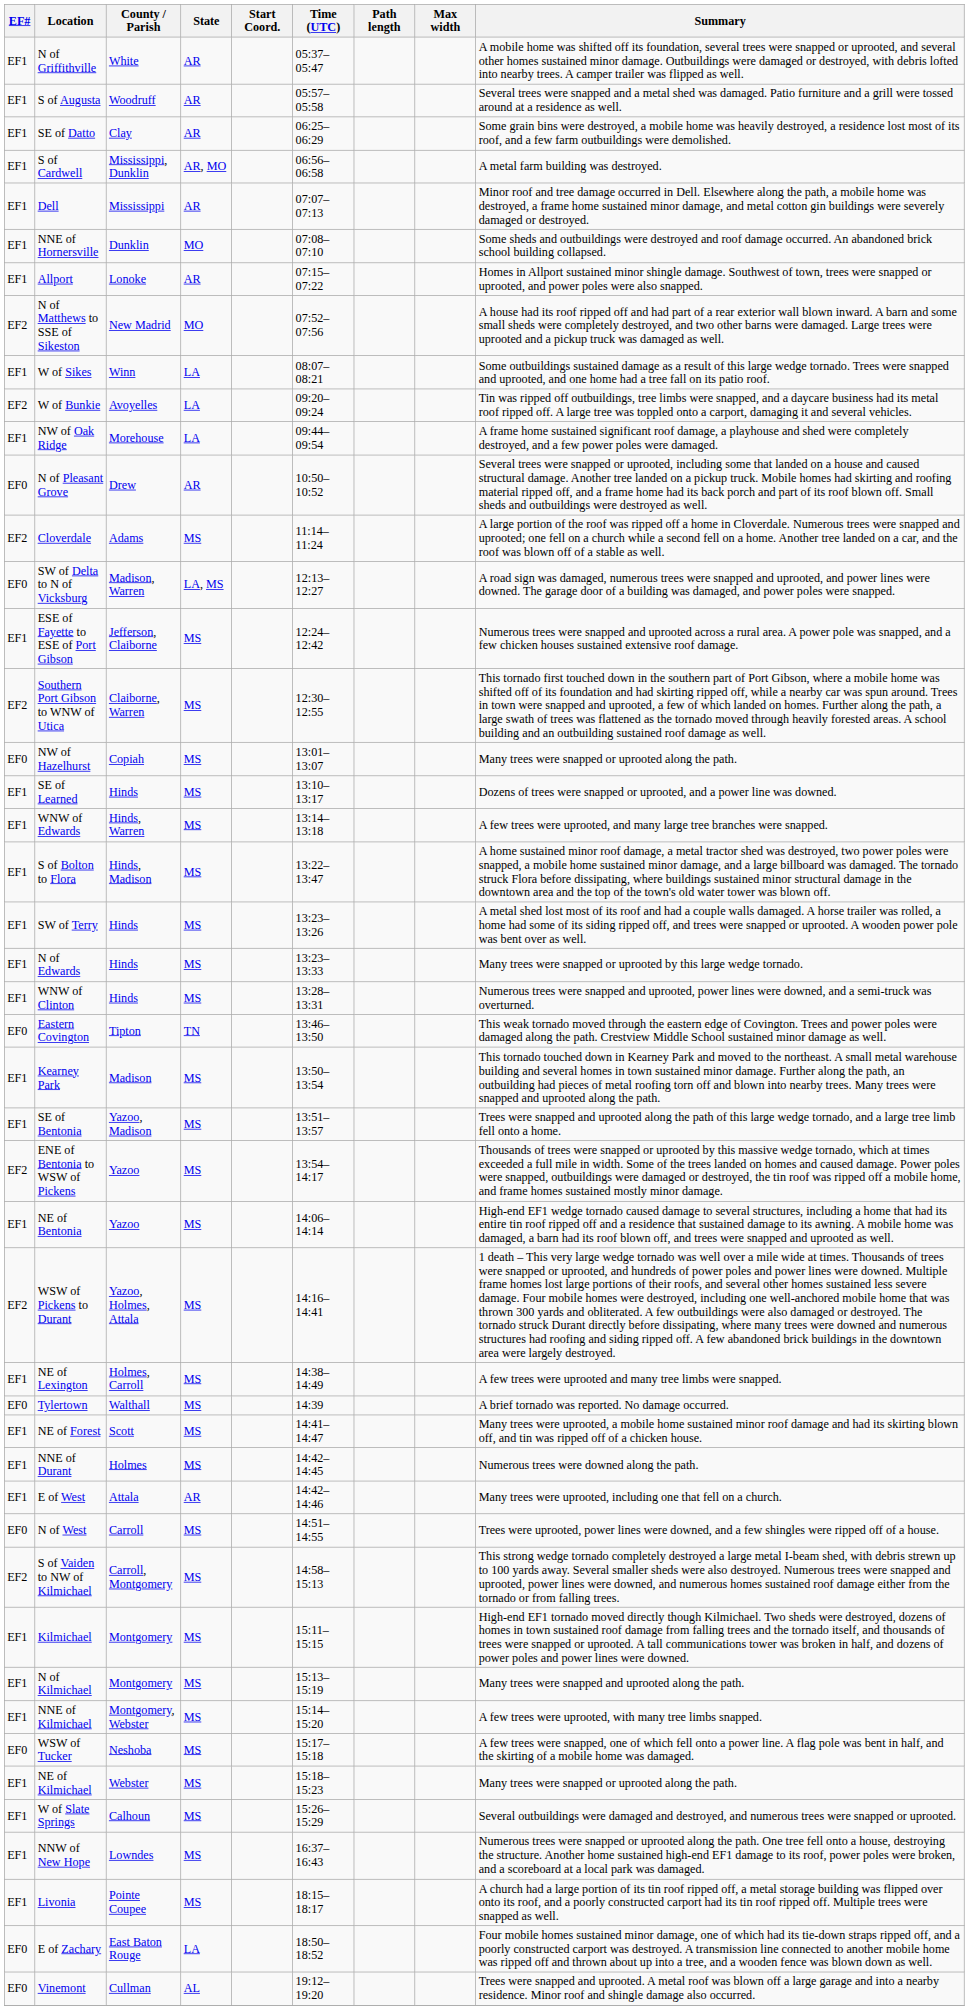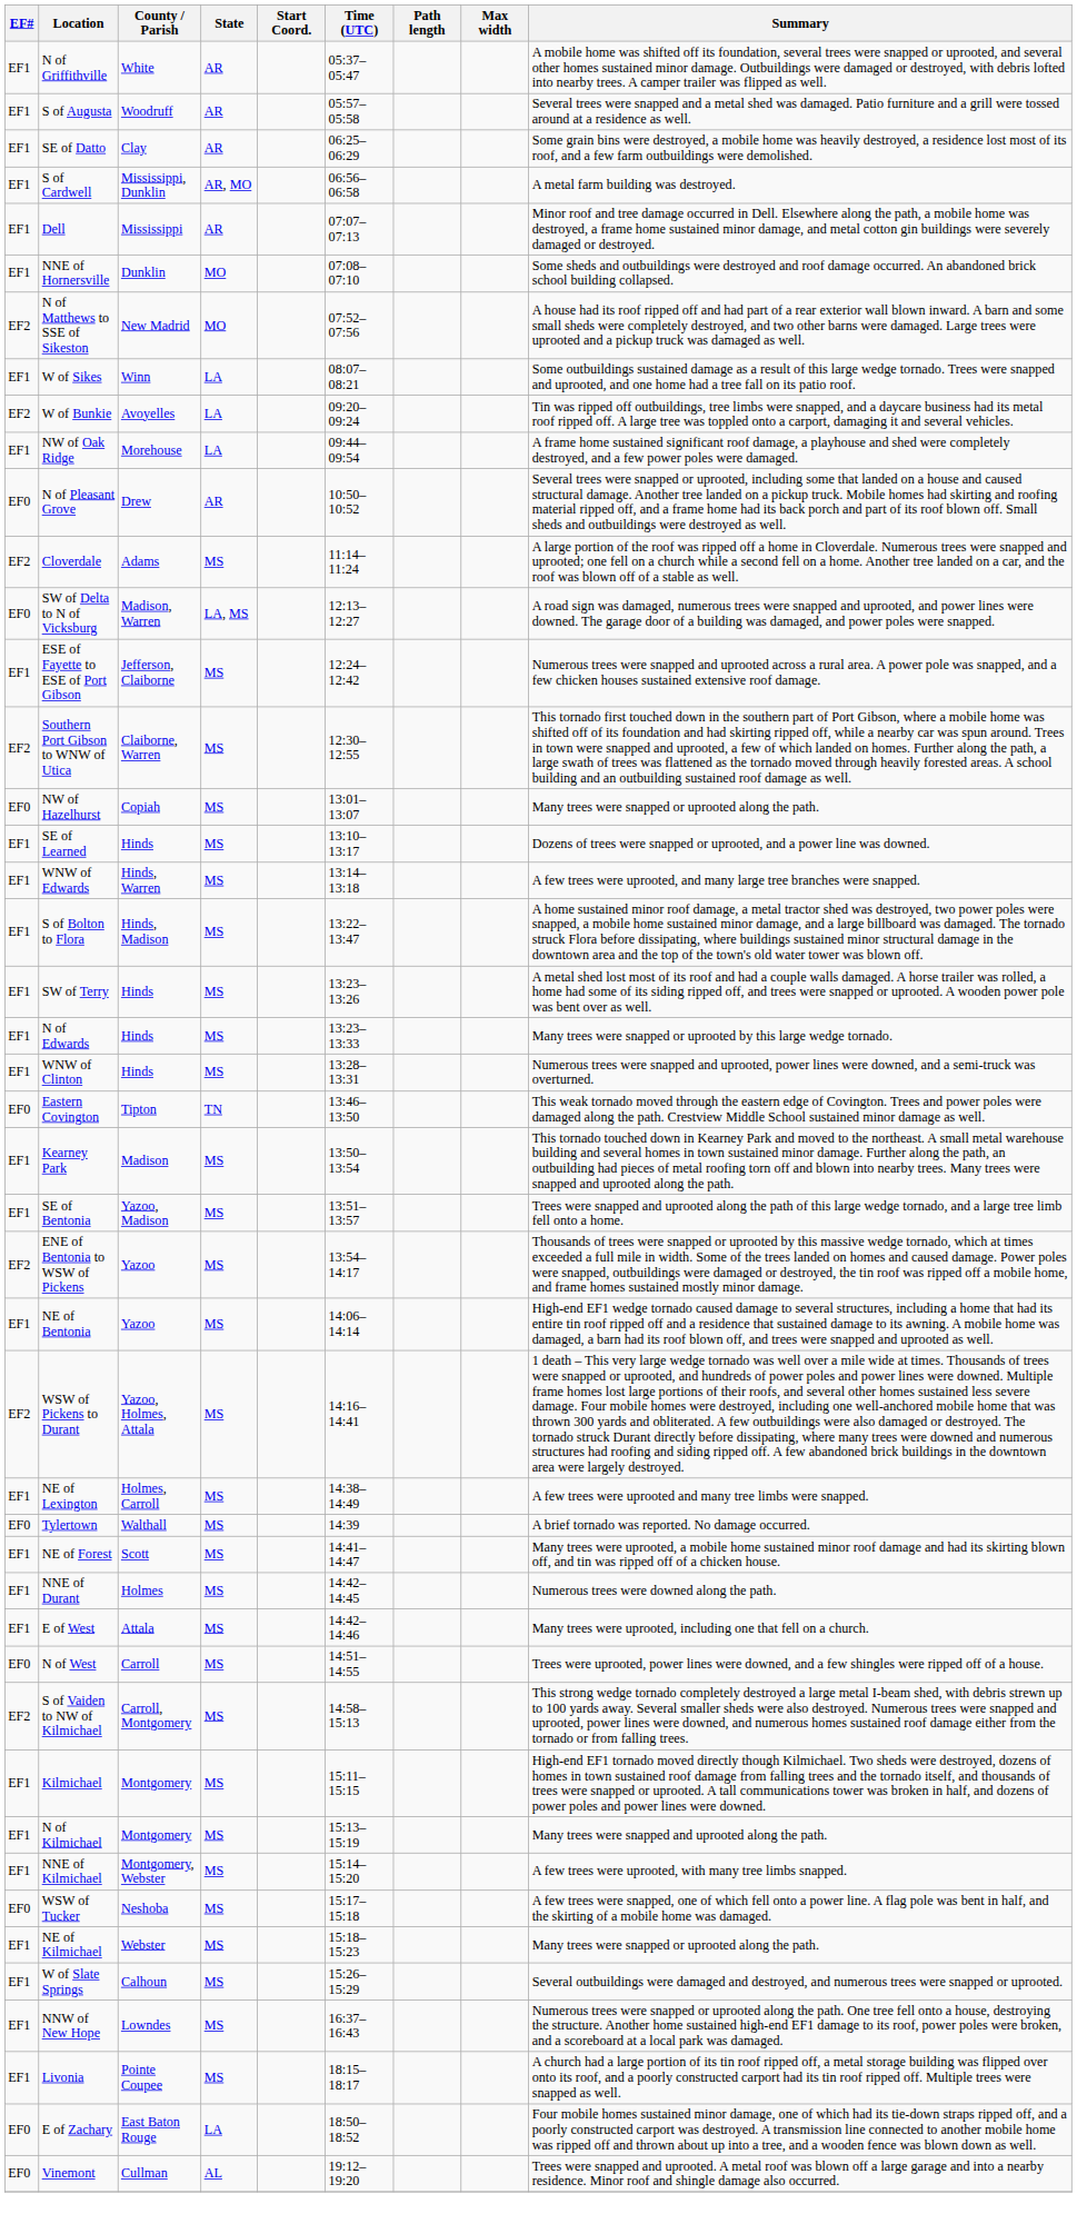 <table class="wikitable sortable" style="width:100%;">
 <tr>
 <th scope="col"  style="width:3%; text-align:center;"><a href='#'>EF#</a></th>
 <th scope="col"  style="width:7%; text-align:center;" class="unsortable">Location</th>
 <th scope="col"  style="width:6%; text-align:center;" class="unsortable">County / Parish</th>
 <th scope="col"  style="width:5%; text-align:center;">State</th>
 <th scope="col"  style="width:6%; text-align:center;">Start Coord.</th>
 <th scope="col"  style="width:6%; text-align:center;">Time (<a href='#'>UTC</a>)</th>
 <th scope="col"  style="width:6%; text-align:center;">Path length</th>
 <th scope="col"  style="width:6%; text-align:center;">Max width</th>
 <th scope="col" class="unsortable" style="width:48%; text-align:center;">Summary</th>
 </tr>
 <tr>
 <td>EF1</td>
 <td>N of <a href='#'>Griffithville</a></td>
 <td><a href='#'>White</a></td>
 <td><a href='#'>AR</a></td>
 <td></td>
 <td>05:37–05:47</td>
 <td></td>
 <td></td>
 <td>A mobile home was shifted off its foundation, several trees were snapped or uprooted, and several other homes sustained minor damage. Outbuildings were damaged or destroyed, with debris lofted into nearby trees. A camper trailer was flipped as well.</td>
 </tr>
 <tr>
 <td>EF1</td>
 <td>S of <a href='#'>Augusta</a></td>
 <td><a href='#'>Woodruff</a></td>
 <td><a href='#'>AR</a></td>
 <td></td>
 <td>05:57–05:58</td>
 <td></td>
 <td></td>
 <td>Several trees were snapped and a metal shed was damaged. Patio furniture and a grill were tossed around at a residence as well.</td>
 </tr>
 <tr>
 <td>EF1</td>
 <td>SE of <a href='#'>Datto</a></td>
 <td><a href='#'>Clay</a></td>
 <td><a href='#'>AR</a></td>
 <td></td>
 <td>06:25–06:29</td>
 <td></td>
 <td></td>
 <td>Some grain bins were destroyed, a mobile home was heavily destroyed, a residence lost most of its roof, and a few farm outbuildings were demolished.</td>
 </tr>
 <tr>
 <td>EF1</td>
 <td>S of <a href='#'>Cardwell</a></td>
 <td><a href='#'>Mississippi</a>, <a href='#'>Dunklin</a></td>
 <td><a href='#'>AR</a>, <a href='#'>MO</a></td>
 <td></td>
 <td>06:56–06:58</td>
 <td></td>
 <td></td>
 <td>A metal farm building was destroyed.</td>
 </tr>
 <tr>
 <td>EF1</td>
 <td><a href='#'>Dell</a></td>
 <td><a href='#'>Mississippi</a></td>
 <td><a href='#'>AR</a></td>
 <td></td>
 <td>07:07–07:13</td>
 <td></td>
 <td></td>
 <td>Minor roof and tree damage occurred in Dell. Elsewhere along the path, a mobile home was destroyed, a frame home sustained minor damage, and metal cotton gin buildings were severely damaged or destroyed.</td>
 </tr>
 <tr>
 <td>EF1</td>
 <td>NNE of <a href='#'>Hornersville</a></td>
 <td><a href='#'>Dunklin</a></td>
 <td><a href='#'>MO</a></td>
 <td></td>
 <td>07:08–07:10</td>
 <td></td>
 <td></td>
 <td>Some sheds and outbuildings were destroyed and roof damage occurred. An abandoned brick school building collapsed.</td>
-</tr>
-<tr>
-<td>EF1</td>
-<td><a href='#'>Allport</a></td>
-<td><a href='#'>Lonoke</a></td>
-<td><a href='#'>AR</a></td>
-<td></td>
-<td>07:15–07:22</td>
-<td></td>
-<td></td>
-<td>Homes in Allport sustained minor shingle damage. Southwest of town, trees were snapped or uprooted, and power poles were also snapped.</td>
 </tr>
 <tr>
 <td>EF2</td>
 <td>N of <a href='#'>Matthews</a> to SSE of <a href='#'>Sikeston</a></td>
 <td><a href='#'>New Madrid</a></td>
 <td><a href='#'>MO</a></td>
 <td></td>
 <td>07:52–07:56</td>
 <td></td>
 <td></td>
 <td>A house had its roof ripped off and had part of a rear exterior wall blown inward. A barn and some small sheds were completely destroyed, and two other barns were damaged. Large trees were uprooted and a pickup truck was damaged as well.</td>
 </tr>
 <tr>
 <td>EF1</td>
 <td>W of <a href='#'>Sikes</a></td>
 <td><a href='#'>Winn</a></td>
 <td><a href='#'>LA</a></td>
 <td></td>
 <td>08:07–08:21</td>
 <td></td>
 <td></td>
 <td>Some outbuildings sustained damage as a result of this large wedge tornado. Trees were snapped and uprooted, and one home had a tree fall on its patio roof.</td>
 </tr>
 <tr>
 <td>EF2</td>
 <td>W of <a href='#'>Bunkie</a></td>
 <td><a href='#'>Avoyelles</a></td>
 <td><a href='#'>LA</a></td>
 <td></td>
 <td>09:20–09:24</td>
 <td></td>
 <td></td>
 <td>Tin was ripped off outbuildings, tree limbs were snapped, and a daycare business had its metal roof ripped off. A large tree was toppled onto a carport, damaging it and several vehicles.</td>
 </tr>
 <tr>
 <td>EF1</td>
 <td>NW of <a href='#'>Oak Ridge</a></td>
 <td><a href='#'>Morehouse</a></td>
 <td><a href='#'>LA</a></td>
 <td></td>
 <td>09:44–09:54</td>
 <td></td>
 <td></td>
 <td>A frame home sustained significant roof damage, a playhouse and shed were completely destroyed, and a few power poles were damaged.</td>
 </tr>
 <tr>
 <td>EF0</td>
 <td>N of <a href='#'>Pleasant Grove</a></td>
 <td><a href='#'>Drew</a></td>
 <td><a href='#'>AR</a></td>
 <td></td>
 <td>10:50–10:52</td>
 <td></td>
 <td></td>
 <td>Several trees were snapped or uprooted, including some that landed on a house and caused structural damage. Another tree landed on a pickup truck. Mobile homes had skirting and roofing material ripped off, and a frame home had its back porch and part of its roof blown off. Small sheds and outbuildings were destroyed as well.</td>
 </tr>
 <tr>
 <td>EF2</td>
 <td><a href='#'>Cloverdale</a></td>
 <td><a href='#'>Adams</a></td>
 <td><a href='#'>MS</a></td>
 <td></td>
 <td>11:14–11:24</td>
 <td></td>
 <td></td>
 <td>A large portion of the roof was ripped off a home in Cloverdale. Numerous trees were snapped and uprooted; one fell on a church while a second fell on a home. Another tree landed on a car, and the roof was blown off of a stable as well.</td>
 </tr>
 <tr>
 <td>EF0</td>
 <td>SW of <a href='#'>Delta</a> to N of <a href='#'>Vicksburg</a></td>
 <td><a href='#'>Madison</a>, <a href='#'>Warren</a></td>
 <td><a href='#'>LA</a>, <a href='#'>MS</a></td>
 <td></td>
 <td>12:13–12:27</td>
 <td></td>
 <td></td>
 <td>A road sign was damaged, numerous trees were snapped and uprooted, and power lines were downed. The garage door of a building was damaged, and power poles were snapped.</td>
 </tr>
 <tr>
 <td>EF1</td>
 <td>ESE of <a href='#'>Fayette</a> to ESE of <a href='#'>Port Gibson</a></td>
 <td><a href='#'>Jefferson</a>, <a href='#'>Claiborne</a></td>
 <td><a href='#'>MS</a></td>
 <td></td>
 <td>12:24–12:42</td>
 <td></td>
 <td></td>
 <td>Numerous trees were snapped and uprooted across a rural area. A power pole was snapped, and a few chicken houses sustained extensive roof damage.</td>
 </tr>
 <tr>
 <td>EF2</td>
 <td><a href='#'>Southern Port Gibson</a> to WNW of <a href='#'>Utica</a></td>
 <td><a href='#'>Claiborne</a>, <a href='#'>Warren</a></td>
 <td><a href='#'>MS</a></td>
 <td></td>
 <td>12:30–12:55</td>
 <td></td>
 <td></td>
 <td>This tornado first touched down in the southern part of Port Gibson, where a mobile home was shifted off of its foundation and had skirting ripped off, while a nearby car was spun around. Trees in town were snapped and uprooted, a few of which landed on homes. Further along the path, a large swath of trees was flattened as the tornado moved through heavily forested areas. A school building and an outbuilding sustained roof damage as well.</td>
 </tr>
 <tr>
 <td>EF0</td>
 <td>NW of <a href='#'>Hazelhurst</a></td>
 <td><a href='#'>Copiah</a></td>
 <td><a href='#'>MS</a></td>
 <td></td>
 <td>13:01–13:07</td>
 <td></td>
 <td></td>
 <td>Many trees were snapped or uprooted along the path.</td>
 </tr>
 <tr>
 <td>EF1</td>
 <td>SE of <a href='#'>Learned</a></td>
 <td><a href='#'>Hinds</a></td>
 <td><a href='#'>MS</a></td>
 <td></td>
 <td>13:10–13:17</td>
 <td></td>
 <td></td>
 <td>Dozens of trees were snapped or uprooted, and a power line was downed.</td>
 </tr>
 <tr>
 <td>EF1</td>
 <td>WNW of <a href='#'>Edwards</a></td>
 <td><a href='#'>Hinds</a>, <a href='#'>Warren</a></td>
 <td><a href='#'>MS</a></td>
 <td></td>
 <td>13:14–13:18</td>
 <td></td>
 <td></td>
 <td>A few trees were uprooted, and many large tree branches were snapped.</td>
 </tr>
 <tr>
 <td>EF1</td>
 <td>S of <a href='#'>Bolton</a> to  <a href='#'>Flora</a></td>
 <td><a href='#'>Hinds</a>, <a href='#'>Madison</a></td>
 <td><a href='#'>MS</a></td>
 <td></td>
 <td>13:22–13:47</td>
 <td></td>
 <td></td>
 <td>A home sustained minor roof damage, a metal tractor shed was destroyed, two power poles were snapped, a mobile home sustained minor damage, and a large billboard was damaged. The tornado struck Flora before dissipating, where buildings sustained minor structural damage in the downtown area and the top of the town's old water tower was blown off.</td>
 </tr>
 <tr>
 <td>EF1</td>
 <td>SW of <a href='#'>Terry</a></td>
 <td><a href='#'>Hinds</a></td>
 <td><a href='#'>MS</a></td>
 <td></td>
 <td>13:23–13:26</td>
 <td></td>
 <td></td>
 <td>A metal shed lost most of its roof and had a couple walls damaged. A horse trailer was rolled, a home had some of its siding ripped off, and trees were snapped or uprooted. A wooden power pole was bent over as well.</td>
 </tr>
 <tr>
 <td>EF1</td>
 <td>N of <a href='#'>Edwards</a></td>
 <td><a href='#'>Hinds</a></td>
 <td><a href='#'>MS</a></td>
 <td></td>
 <td>13:23–13:33</td>
 <td></td>
 <td></td>
 <td>Many trees were snapped or uprooted by this large wedge tornado.</td>
 </tr>
 <tr>
 <td>EF1</td>
 <td>WNW of <a href='#'>Clinton</a></td>
 <td><a href='#'>Hinds</a></td>
 <td><a href='#'>MS</a></td>
 <td></td>
 <td>13:28–13:31</td>
 <td></td>
 <td></td>
 <td>Numerous trees were snapped and uprooted, power lines were downed, and a semi-truck was overturned.</td>
 </tr>
 <tr>
 <td>EF0</td>
 <td><a href='#'>Eastern Covington</a></td>
 <td><a href='#'>Tipton</a></td>
 <td><a href='#'>TN</a></td>
 <td></td>
 <td>13:46–13:50</td>
 <td></td>
 <td></td>
 <td>This weak tornado moved through the eastern edge of Covington. Trees and power poles were damaged along the path. Crestview Middle School sustained minor damage as well.</td>
 </tr>
 <tr>
 <td>EF1</td>
 <td><a href='#'>Kearney Park</a></td>
 <td><a href='#'>Madison</a></td>
 <td><a href='#'>MS</a></td>
 <td></td>
 <td>13:50–13:54</td>
 <td></td>
 <td></td>
 <td>This tornado touched down in Kearney Park and moved to the northeast. A small metal warehouse building and several homes in town sustained minor damage. Further along the path, an outbuilding had pieces of metal roofing torn off and blown into nearby trees. Many trees were snapped and uprooted along the path.</td>
 </tr>
 <tr>
 <td>EF1</td>
 <td>SE of <a href='#'>Bentonia</a></td>
 <td><a href='#'>Yazoo</a>, <a href='#'>Madison</a></td>
 <td><a href='#'>MS</a></td>
 <td></td>
 <td>13:51–13:57</td>
 <td></td>
 <td></td>
 <td>Trees were snapped and uprooted along the path of this large wedge tornado, and a large tree limb fell onto a home.</td>
 </tr>
 <tr>
 <td>EF2</td>
 <td>ENE of <a href='#'>Bentonia</a> to WSW of <a href='#'>Pickens</a></td>
 <td><a href='#'>Yazoo</a></td>
 <td><a href='#'>MS</a></td>
 <td></td>
 <td>13:54–14:17</td>
 <td></td>
 <td></td>
 <td>Thousands of trees were snapped or uprooted by this massive wedge tornado, which at times exceeded a full mile in width. Some of the trees landed on homes and caused damage. Power poles were snapped, outbuildings were damaged or destroyed, the tin roof was ripped off a mobile home, and frame homes sustained mostly minor damage.</td>
 </tr>
 <tr>
 <td>EF1</td>
 <td>NE of <a href='#'>Bentonia</a></td>
 <td><a href='#'>Yazoo</a></td>
 <td><a href='#'>MS</a></td>
 <td></td>
 <td>14:06–14:14</td>
 <td></td>
 <td></td>
 <td>High-end EF1 wedge tornado caused damage to several structures, including a home that had its entire tin roof ripped off and a residence that sustained damage to its awning. A mobile home was damaged, a barn had its roof blown off, and trees were snapped and uprooted as well.</td>
 </tr>
 <tr>
 <td>EF2</td>
 <td>WSW of <a href='#'>Pickens</a> to <a href='#'>Durant</a></td>
 <td><a href='#'>Yazoo</a>, <a href='#'>Holmes</a>, <a href='#'>Attala</a></td>
 <td><a href='#'>MS</a></td>
 <td></td>
 <td>14:16–14:41</td>
 <td></td>
 <td></td>
 <td>1 death – This very large wedge tornado was well over a mile wide at times. Thousands of trees were snapped or uprooted, and hundreds of power poles and power lines were downed. Multiple frame homes lost large portions of their roofs, and several other homes sustained less severe damage. Four mobile homes were destroyed, including one well-anchored mobile home that was thrown 300 yards and obliterated. A few outbuildings were also damaged or destroyed. The tornado struck Durant directly before dissipating, where many trees were downed and numerous structures had roofing and siding ripped off. A few abandoned brick buildings in the downtown area were largely destroyed.</td>
 </tr>
 <tr>
 <td>EF1</td>
 <td>NE of <a href='#'>Lexington</a></td>
 <td><a href='#'>Holmes</a>, <a href='#'>Carroll</a></td>
 <td><a href='#'>MS</a></td>
 <td></td>
 <td>14:38–14:49</td>
 <td></td>
 <td></td>
 <td>A few trees were uprooted and many tree limbs were snapped.</td>
 </tr>
 <tr>
 <td>EF0</td>
 <td><a href='#'>Tylertown</a></td>
 <td><a href='#'>Walthall</a></td>
 <td><a href='#'>MS</a></td>
 <td></td>
 <td>14:39</td>
 <td></td>
 <td></td>
 <td>A brief tornado was reported. No damage occurred.</td>
 </tr>
 <tr>
 <td>EF1</td>
 <td>NE of <a href='#'>Forest</a></td>
 <td><a href='#'>Scott</a></td>
 <td><a href='#'>MS</a></td>
 <td></td>
 <td>14:41–14:47</td>
 <td></td>
 <td></td>
 <td>Many trees were uprooted, a mobile home sustained minor roof damage and had its skirting blown off, and tin was ripped off of a chicken house.</td>
 </tr>
 <tr>
 <td>EF1</td>
 <td>NNE of <a href='#'>Durant</a></td>
 <td><a href='#'>Holmes</a></td>
 <td><a href='#'>MS</a></td>
 <td></td>
 <td>14:42–14:45</td>
 <td></td>
 <td></td>
 <td>Numerous trees were downed along the path.</td>
 </tr>
 <tr>
 <td>EF1</td>
 <td>E of <a href='#'>West</a></td>
 <td><a href='#'>Attala</a></td>
-<td><a href='#'>AR</a></td>
+<td><a href='#'>MS</a></td>
 <td></td>
 <td>14:42–14:46</td>
 <td></td>
 <td></td>
 <td>Many trees were uprooted, including one that fell on a church.</td>
 </tr>
 <tr>
 <td>EF0</td>
 <td>N of <a href='#'>West</a></td>
 <td><a href='#'>Carroll</a></td>
 <td><a href='#'>MS</a></td>
 <td></td>
 <td>14:51–14:55</td>
 <td></td>
 <td></td>
 <td>Trees were uprooted, power lines were downed, and a few shingles were ripped off of a house.</td>
 </tr>
 <tr>
 <td>EF2</td>
 <td>S of <a href='#'>Vaiden</a> to NW of <a href='#'>Kilmichael</a></td>
 <td><a href='#'>Carroll</a>, <a href='#'>Montgomery</a></td>
 <td><a href='#'>MS</a></td>
 <td></td>
 <td>14:58–15:13</td>
 <td></td>
 <td></td>
 <td>This strong wedge tornado completely destroyed a large metal I-beam shed, with debris strewn up to 100 yards away. Several smaller sheds were also destroyed. Numerous trees were snapped and uprooted, power lines were downed, and numerous homes sustained roof damage either from the tornado or from falling trees.</td>
 </tr>
 <tr>
 <td>EF1</td>
 <td><a href='#'>Kilmichael</a></td>
 <td><a href='#'>Montgomery</a></td>
 <td><a href='#'>MS</a></td>
 <td></td>
 <td>15:11–15:15</td>
 <td></td>
 <td></td>
 <td>High-end EF1 tornado moved directly though Kilmichael. Two sheds were destroyed, dozens of homes in town sustained roof damage from falling trees and the tornado itself, and thousands of trees were snapped or uprooted. A tall communications tower was broken in half, and dozens of power poles and power lines were downed.</td>
 </tr>
 <tr>
 <td>EF1</td>
 <td>N of <a href='#'>Kilmichael</a></td>
 <td><a href='#'>Montgomery</a></td>
 <td><a href='#'>MS</a></td>
 <td></td>
 <td>15:13–15:19</td>
 <td></td>
 <td></td>
 <td>Many trees were snapped and uprooted along the path.</td>
 </tr>
 <tr>
 <td>EF1</td>
 <td>NNE of <a href='#'>Kilmichael</a></td>
 <td><a href='#'>Montgomery</a>, <a href='#'>Webster</a></td>
 <td><a href='#'>MS</a></td>
 <td></td>
 <td>15:14–15:20</td>
 <td></td>
 <td></td>
 <td>A few trees were uprooted, with many tree limbs snapped.</td>
 </tr>
 <tr>
 <td>EF0</td>
 <td>WSW of <a href='#'>Tucker</a></td>
 <td><a href='#'>Neshoba</a></td>
 <td><a href='#'>MS</a></td>
 <td></td>
 <td>15:17–15:18</td>
 <td></td>
 <td></td>
 <td>A few trees were snapped, one of which fell onto a power line. A flag pole was bent in half, and the skirting of a mobile home was damaged.</td>
 </tr>
 <tr>
 <td>EF1</td>
 <td>NE of <a href='#'>Kilmichael</a></td>
 <td><a href='#'>Webster</a></td>
 <td><a href='#'>MS</a></td>
 <td></td>
 <td>15:18–15:23</td>
 <td></td>
 <td></td>
 <td>Many trees were snapped or uprooted along the path.</td>
 </tr>
 <tr>
 <td>EF1</td>
 <td>W of <a href='#'>Slate Springs</a></td>
 <td><a href='#'>Calhoun</a></td>
 <td><a href='#'>MS</a></td>
 <td></td>
 <td>15:26–15:29</td>
 <td></td>
 <td></td>
 <td>Several outbuildings were damaged and destroyed, and numerous trees were snapped or uprooted.</td>
 </tr>
 <tr>
 <td>EF1</td>
 <td>NNW of <a href='#'>New Hope</a></td>
 <td><a href='#'>Lowndes</a></td>
 <td><a href='#'>MS</a></td>
 <td></td>
 <td>16:37–16:43</td>
 <td></td>
 <td></td>
 <td>Numerous trees were snapped or uprooted along the path. One tree fell onto a house, destroying the structure. Another home sustained high-end EF1 damage to its roof, power poles were broken, and a scoreboard at a local park was damaged.</td>
 </tr>
 <tr>
 <td>EF1</td>
 <td><a href='#'>Livonia</a></td>
 <td><a href='#'>Pointe Coupee</a></td>
 <td><a href='#'>MS</a></td>
 <td></td>
 <td>18:15–18:17</td>
 <td></td>
 <td></td>
 <td>A church had a large portion of its tin roof ripped off, a metal storage building was flipped over onto its roof, and a poorly constructed carport had its tin roof ripped off. Multiple trees were snapped as well.</td>
 </tr>
 <tr>
 <td>EF0</td>
 <td>E of <a href='#'>Zachary</a></td>
 <td><a href='#'>East Baton Rouge</a></td>
 <td><a href='#'>LA</a></td>
 <td></td>
 <td>18:50–18:52</td>
 <td></td>
 <td></td>
 <td>Four mobile homes sustained minor damage, one of which had its tie-down straps ripped off, and a poorly constructed carport was destroyed. A transmission line connected to another mobile home was ripped off and thrown about  up into a tree, and a wooden fence was blown down as well.</td>
 </tr>
 <tr>
 <td>EF0</td>
 <td><a href='#'>Vinemont</a></td>
 <td><a href='#'>Cullman</a></td>
 <td><a href='#'>AL</a></td>
 <td></td>
 <td>19:12–19:20</td>
 <td></td>
 <td></td>
 <td>Trees were snapped and uprooted. A metal roof was blown off a large garage and into a nearby residence. Minor roof and shingle damage also occurred.</td>
 </tr>
 <tr>
 </tr>
 </table>
